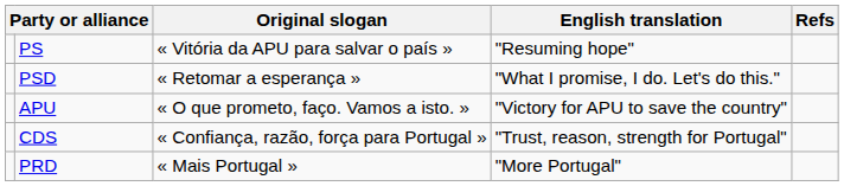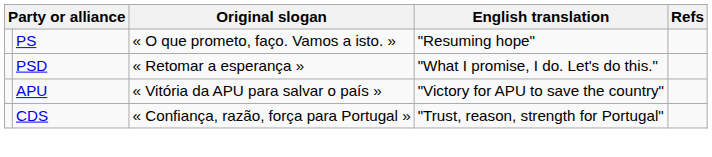 <table class="wikitable" style="font-size:97%; text-align:left;">
 <tr>
 <th style="text-align:left;" colspan="2">Party or alliance</th>
 <th>Original slogan</th>
 <th>English translation</th>
 <th>Refs</th>
 </tr>
 <tr>
 <td width="1" style="color:inherit;background:"></td>
 <td><a href='#'>PS</a></td>
-<td>« Vitória da APU para salvar o país »</td>
+<td>« O que prometo, faço. Vamos a isto. »</td>
 <td>"Resuming hope"</td>
 <td></td>
 </tr>
 <tr>
 <td style="color:inherit;background:"></td>
 <td><a href='#'>PSD</a></td>
 <td>« Retomar a esperança »</td>
 <td>"What I promise, I do. Let's do this."</td>
 <td></td>
 </tr>
 <tr>
 <td style="color:inherit;background:"></td>
 <td><a href='#'>APU</a></td>
-<td>« O que prometo, faço. Vamos a isto. »</td>
+<td>« Vitória da APU para salvar o país »</td>
 <td>"Victory for APU to save the country"</td>
 <td></td>
 </tr>
 <tr>
 <td style="color:inherit;background:"></td>
 <td><a href='#'>CDS</a></td>
 <td>« Confiança, razão, força para Portugal »</td>
 <td>"Trust, reason, strength for Portugal"</td>
 <td></td>
 </tr>
-<tr>
-<td style="color:inherit;background:"></td>
-<td><a href='#'>PRD</a></td>
-<td>« Mais Portugal »</td>
-<td>"More Portugal"</td>
-<td></td>
-</tr>
 </table>
